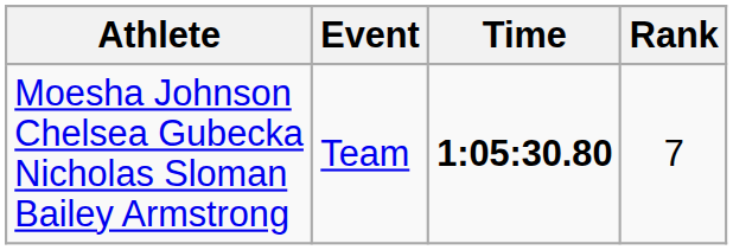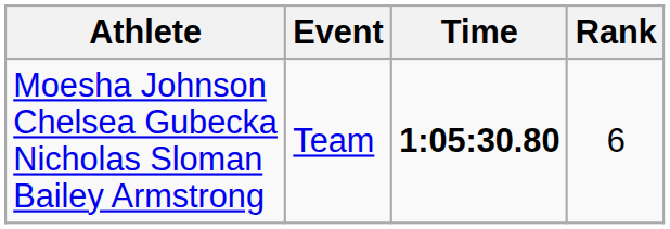 <table class=wikitable style="font-size:90%;">
 <tr>
 <th>Athlete</th>
 <th>Event</th>
 <th>Time</th>
 <th>Rank</th>
 </tr>
 <tr align=center>
 <td align=left><a href='#'>Moesha Johnson</a><br><a href='#'>Chelsea Gubecka</a><br><a href='#'>Nicholas Sloman</a><br><a href='#'>Bailey Armstrong</a></td>
 <td align=left><a href='#'>Team</a></td>
 <td><strong>1:05:30.80</strong></td>
-<td>7</td>
+<td>6</td>
 </tr>
 </table>
